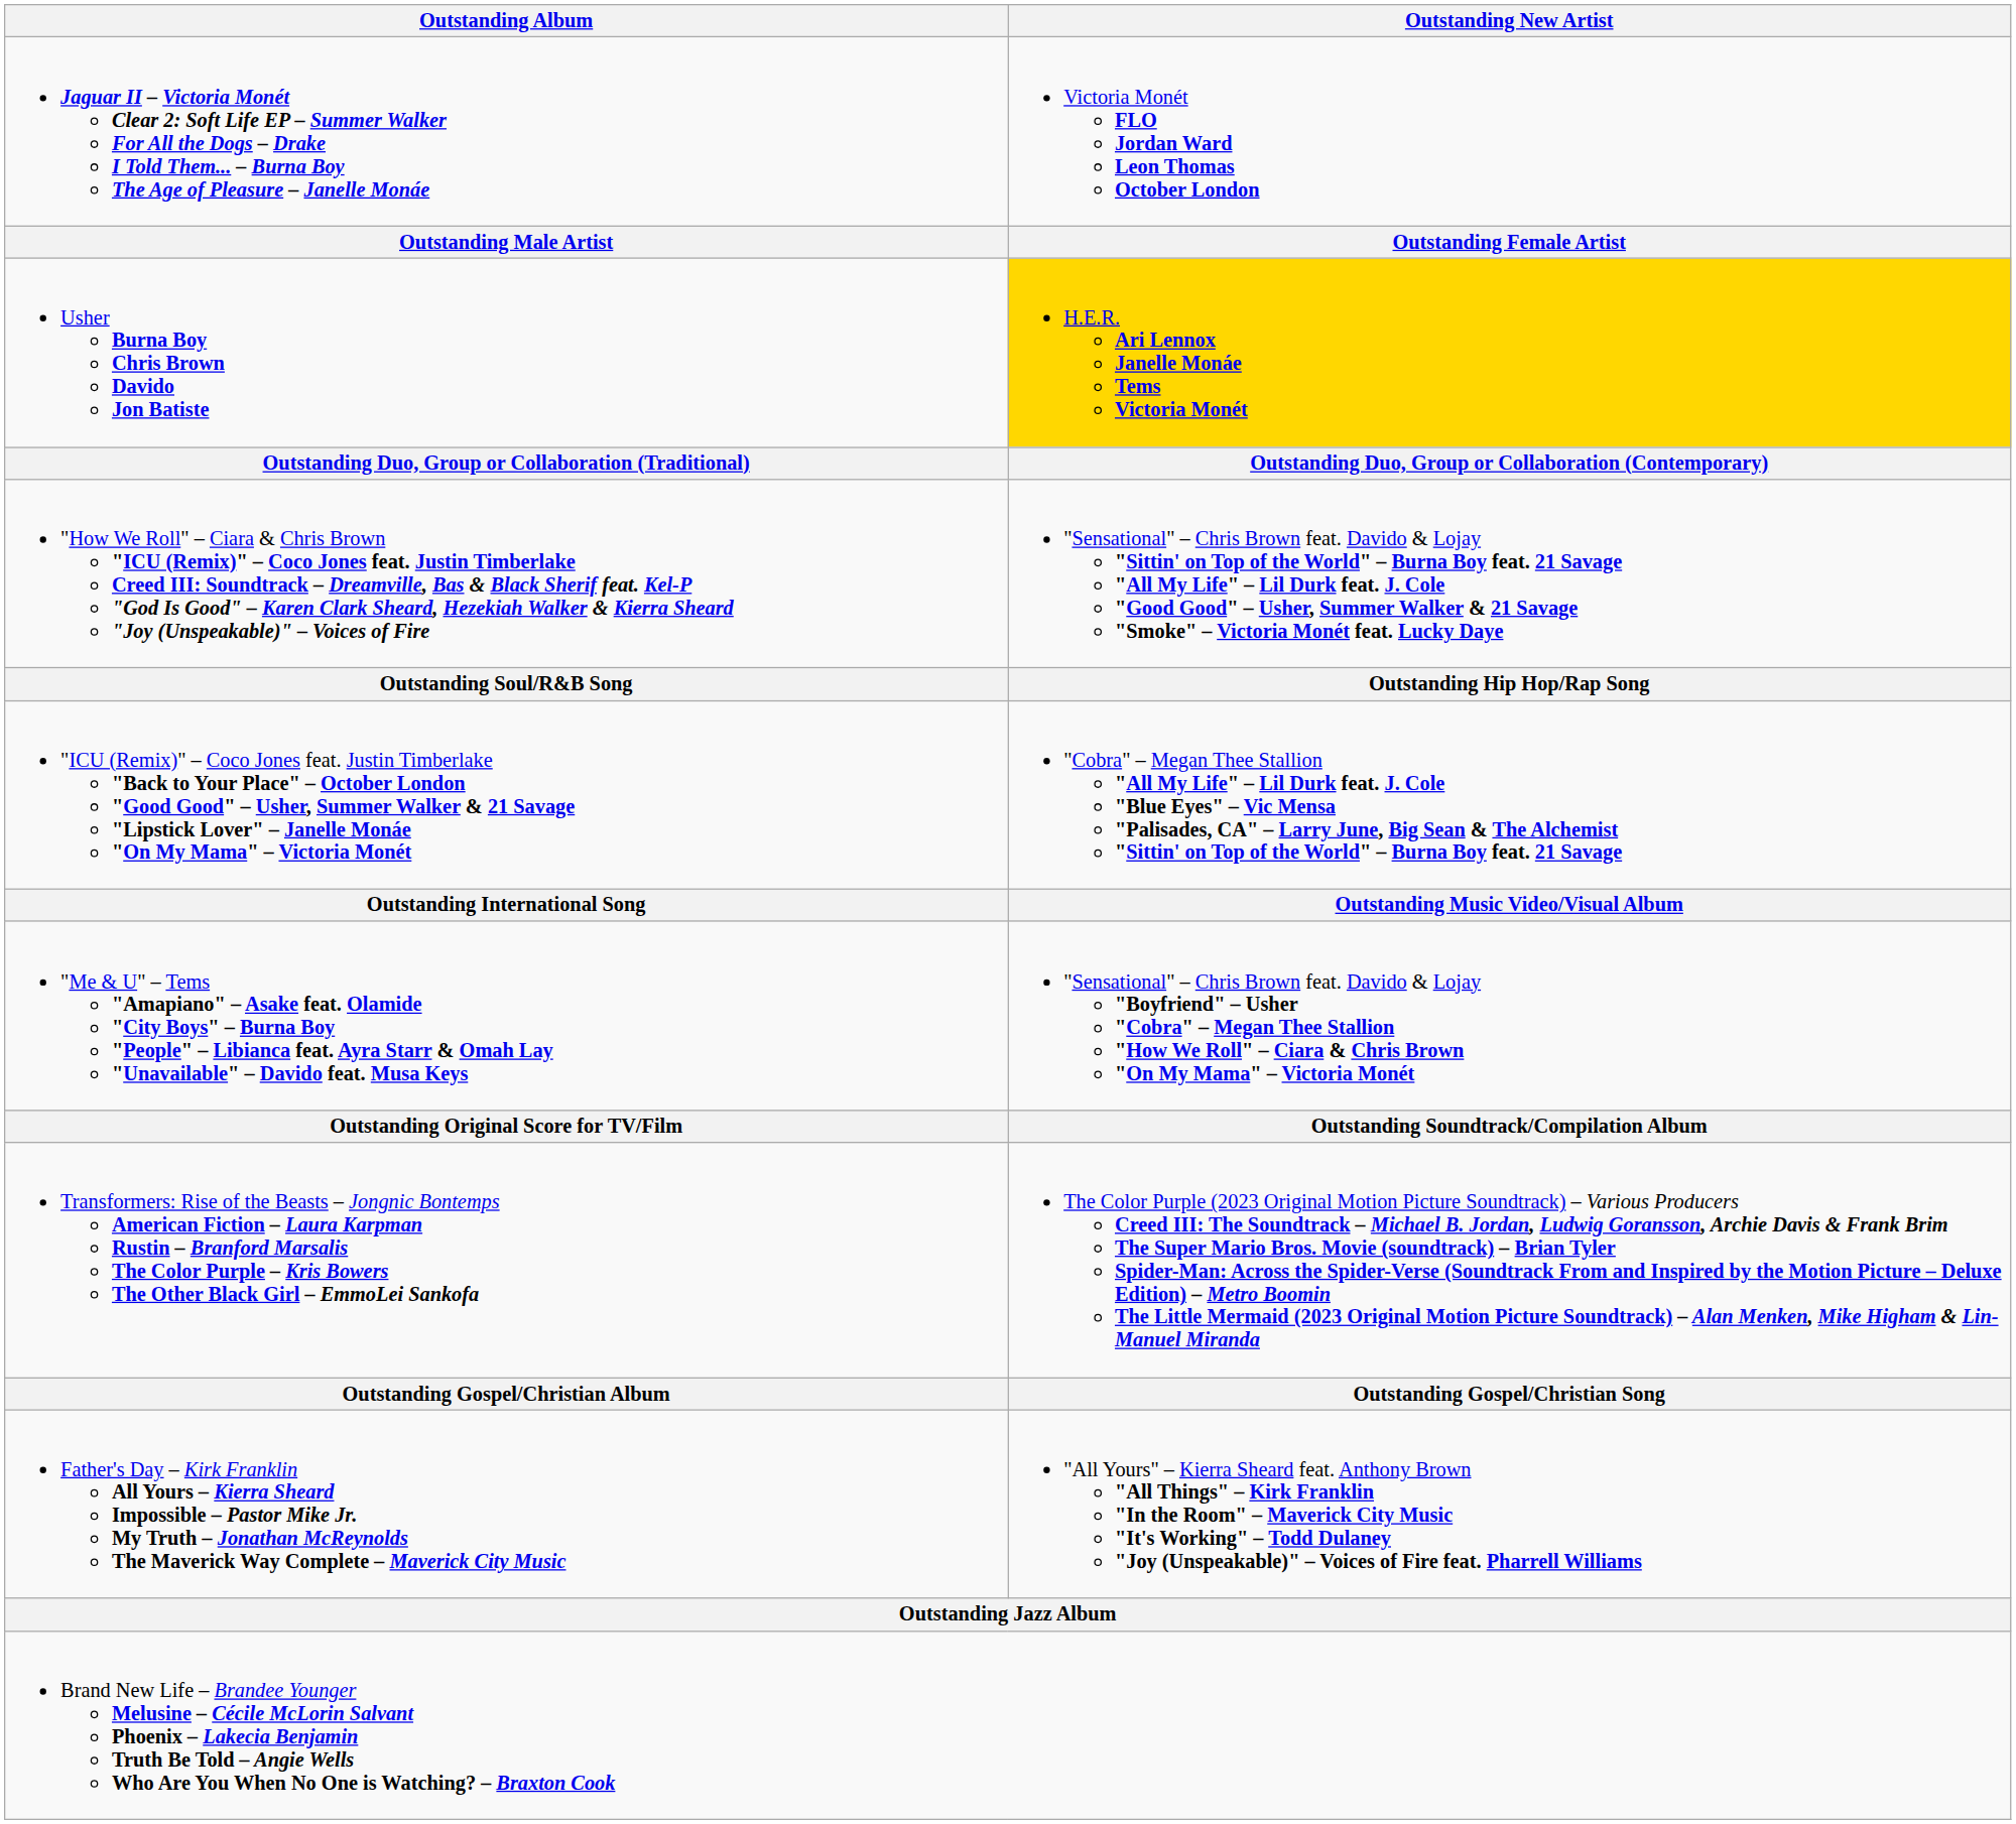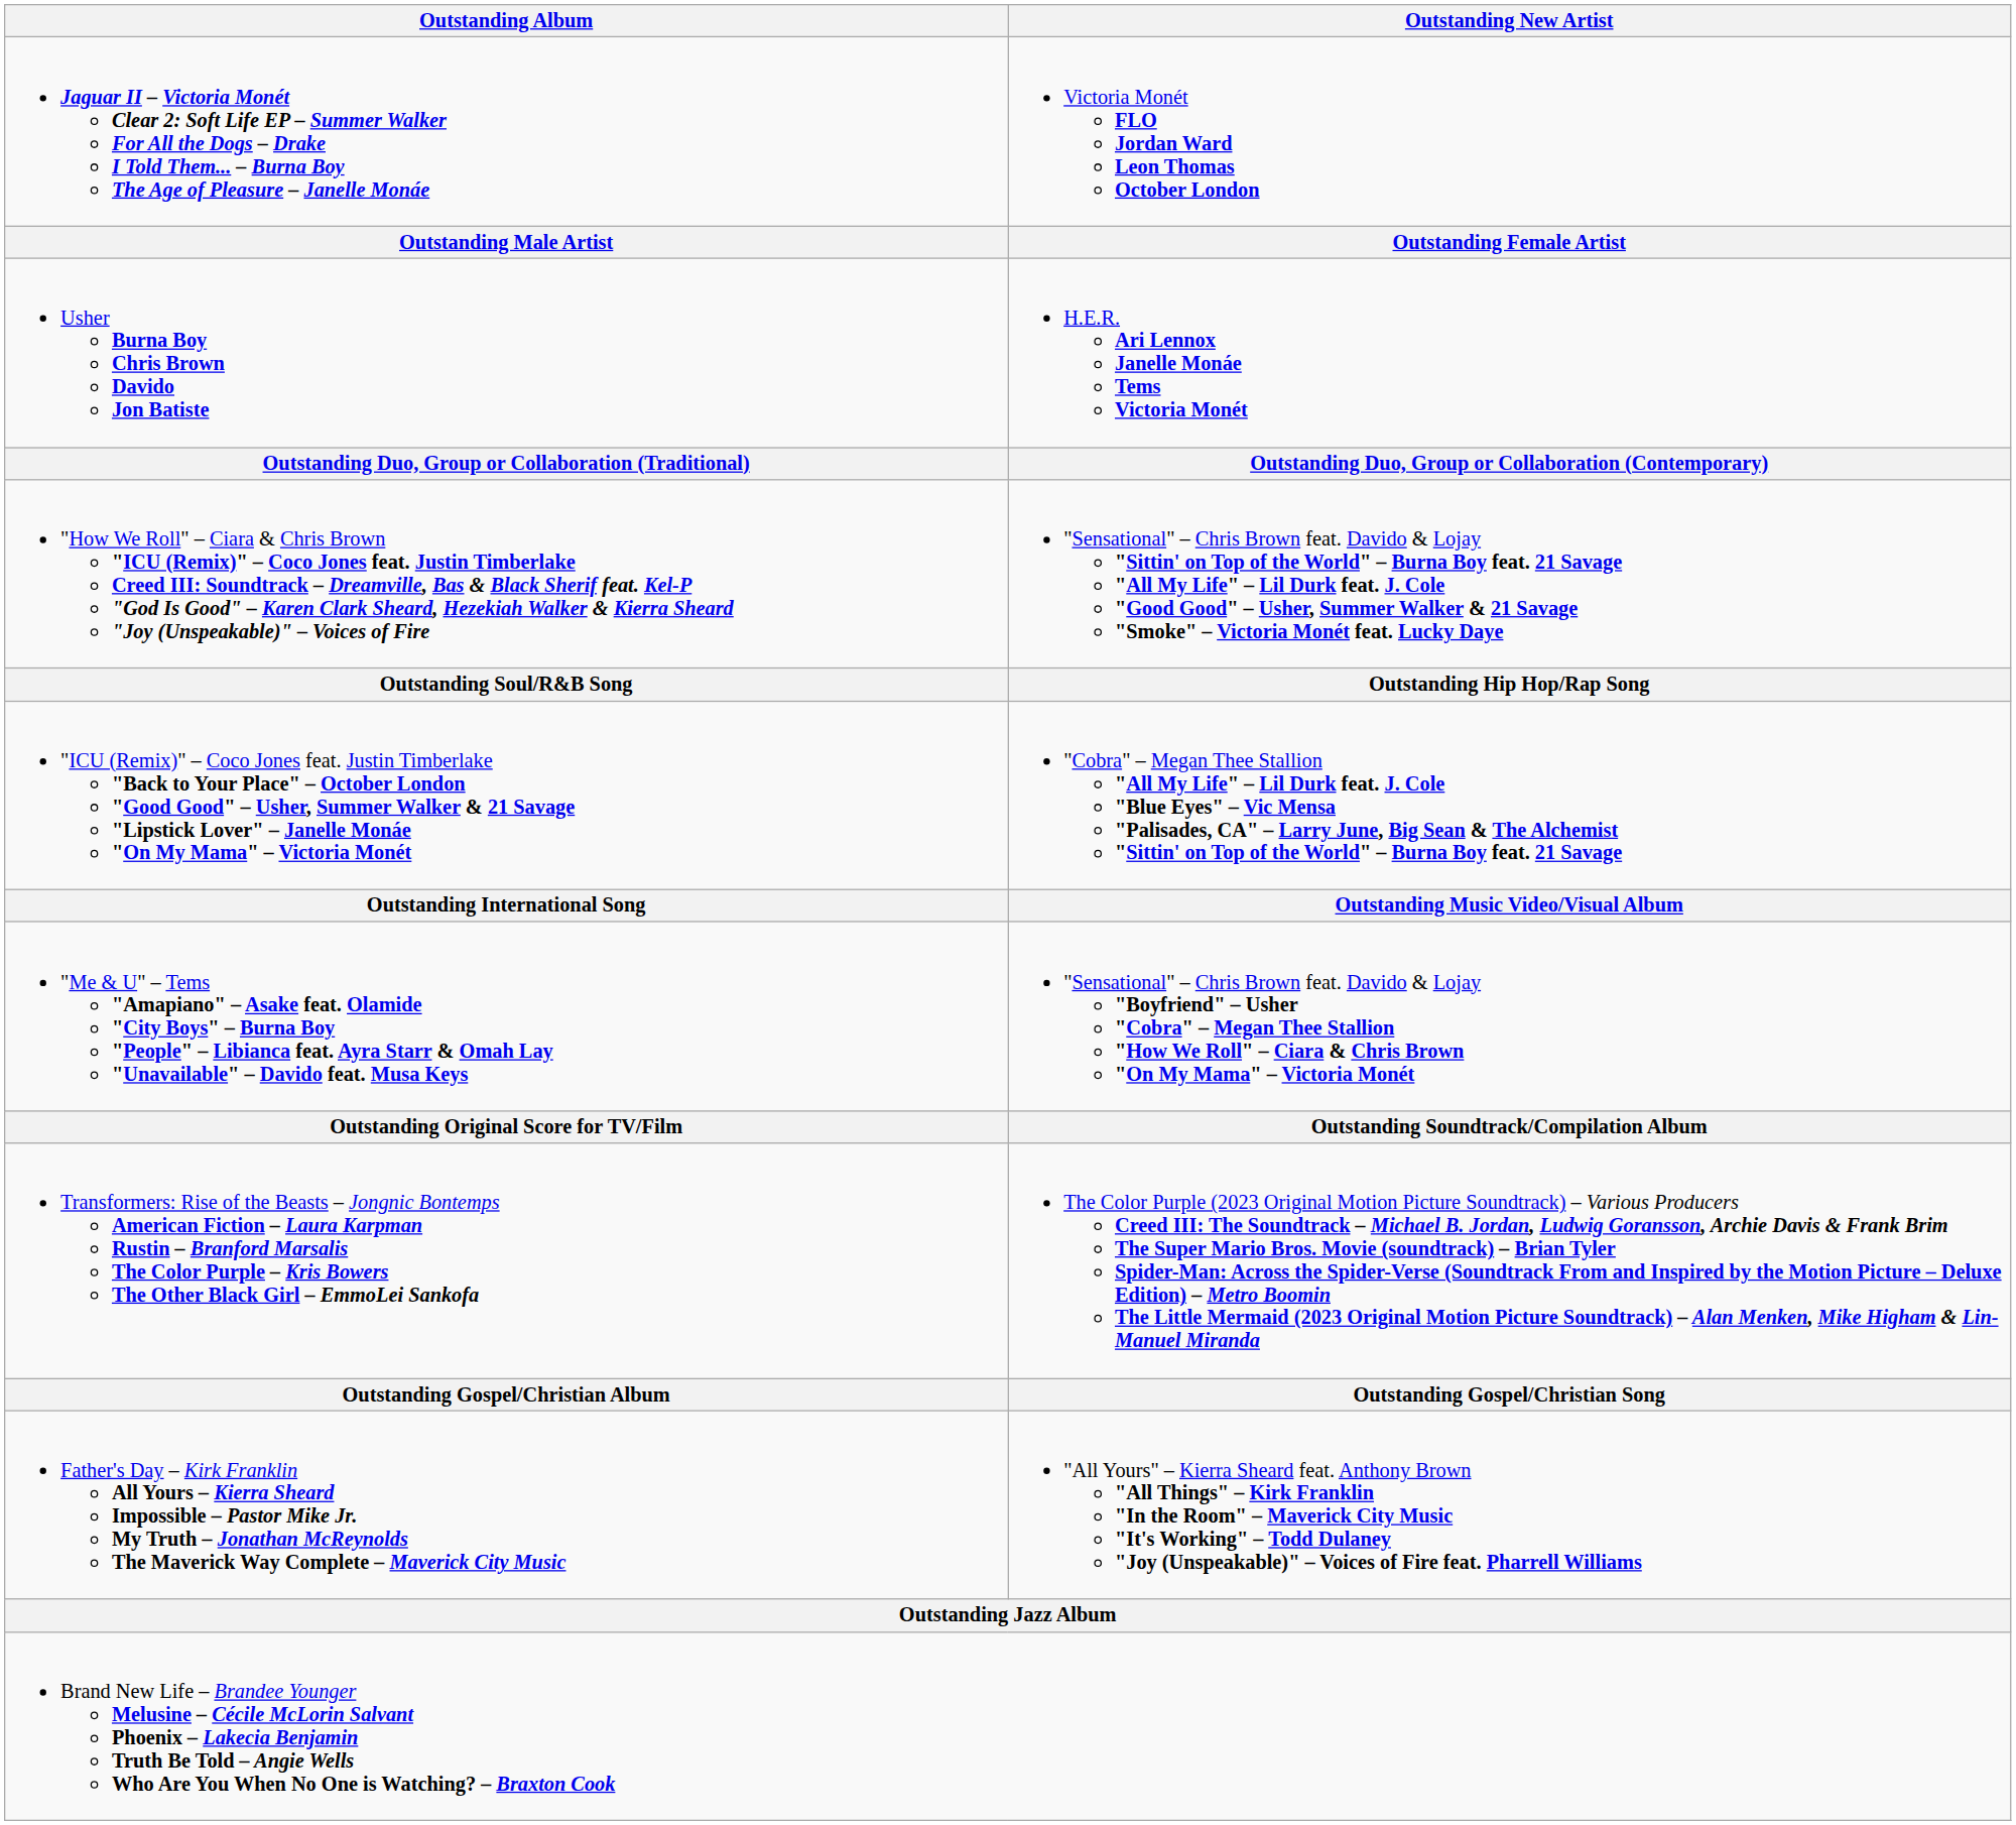 <table class="wikitable">
 <tr>
 <th style="width=50%"><a href='#'>Outstanding Album</a></th>
 <th style="width=50%"><a href='#'>Outstanding New Artist</a></th>
 </tr>
 <tr>
 <td width="50%" valign="top"><br><ul><li><strong><em><a href='#'>Jaguar II</a><em> – <a href='#'>Victoria Monét</a><strong><ul><li></em>Clear 2: Soft Life EP<em> – <a href='#'>Summer Walker</a></li><li></em><a href='#'>For All the Dogs</a><em> – <a href='#'>Drake</a></li><li></em><a href='#'>I Told Them...</a><em> – <a href='#'>Burna Boy</a></li><li></em><a href='#'>The Age of Pleasure</a><em> – <a href='#'>Janelle Monáe</a></li></ul></li></ul></td>
 <td width="50%" valign="top"><br><ul><li></strong><a href='#'>Victoria Monét</a><strong><ul><li><a href='#'>FLO</a></li><li><a href='#'>Jordan Ward</a></li><li><a href='#'>Leon Thomas</a></li><li><a href='#'>October London</a></li></ul></li></ul></td>
 </tr>
 <tr>
 <th style="width=50%"><a href='#'>Outstanding Male Artist</a></th>
 <th style="width=50%"><a href='#'>Outstanding Female Artist</a></th>
 </tr>
 <tr>
 <td width="50%" valign="top"><br><ul><li></strong><a href='#'>Usher</a><strong><ul><li><a href='#'>Burna Boy</a></li><li><a href='#'>Chris Brown</a></li><li><a href='#'>Davido</a></li><li><a href='#'>Jon Batiste</a></li></ul></li></ul></td>
-<td width="50%" valign="top" style="background: gold;"><br><ul><li></strong><a href='#'>H.E.R.</a><strong><ul><li><a href='#'>Ari Lennox</a></li><li><a href='#'>Janelle Monáe</a></li><li><a href='#'>Tems</a></li><li><a href='#'>Victoria Monét</a></li></ul></li></ul></td>
+<td width="50%" valign="top"><br><ul><li></strong><a href='#'>H.E.R.</a><strong><ul><li><a href='#'>Ari Lennox</a></li><li><a href='#'>Janelle Monáe</a></li><li><a href='#'>Tems</a></li><li><a href='#'>Victoria Monét</a></li></ul></li></ul></td>
 </tr>
 <tr>
 <th style="width=50%"><a href='#'>Outstanding Duo, Group or Collaboration (Traditional)</a></th>
 <th style="width=50%"><a href='#'>Outstanding Duo, Group or Collaboration (Contemporary)</a></th>
 </tr>
 <tr>
 <td width="50%" valign="top"><br><ul><li></strong>"<a href='#'>How We Roll</a>" – <a href='#'>Ciara</a> & <a href='#'>Chris Brown</a><strong><ul><li>"<a href='#'>ICU (Remix)</a>" – <a href='#'>Coco Jones</a> feat. <a href='#'>Justin Timberlake</a></li><li><a href='#'></em>Creed III: Soundtrack<em></a> – <a href='#'>Dreamville</a>, <a href='#'>Bas</a> & <a href='#'>Black Sherif</a> feat. <a href='#'>Kel-P</a></li><li>"God Is Good" – <a href='#'>Karen Clark Sheard</a>, <a href='#'>Hezekiah Walker</a> & <a href='#'>Kierra Sheard</a></li><li>"Joy (Unspeakable)" – Voices of Fire</li></ul></li></ul></td>
 <td width="50%" valign="top"><br><ul><li></strong>"<a href='#'>Sensational</a>" – <a href='#'>Chris Brown</a> feat. <a href='#'>Davido</a> & <a href='#'>Lojay</a><strong><ul><li>"<a href='#'>Sittin' on Top of the World</a>" – <a href='#'>Burna Boy</a> feat. <a href='#'>21 Savage</a></li><li>"<a href='#'>All My Life</a>" – <a href='#'>Lil Durk</a> feat. <a href='#'>J. Cole</a></li><li>"<a href='#'>Good Good</a>" – <a href='#'>Usher</a>, <a href='#'>Summer Walker</a> & <a href='#'>21 Savage</a></li><li>"Smoke" – <a href='#'>Victoria Monét</a> feat. <a href='#'>Lucky Daye</a></li></ul></li></ul></td>
 </tr>
 <tr>
 <th style="width=50%">Outstanding Soul/R&B Song</th>
 <th style="width=50%">Outstanding Hip Hop/Rap Song</th>
 </tr>
 <tr>
 <td width="50%" valign="top"><br><ul><li></strong>"<a href='#'>ICU (Remix)</a>" – <a href='#'>Coco Jones</a> feat. <a href='#'>Justin Timberlake</a><strong><ul><li>"Back to Your Place" – <a href='#'>October London</a></li><li>"<a href='#'>Good Good</a>" – <a href='#'>Usher</a>, <a href='#'>Summer Walker</a> & <a href='#'>21 Savage</a></li><li>"Lipstick Lover" – <a href='#'>Janelle Monáe</a></li><li>"<a href='#'>On My Mama</a>" – <a href='#'>Victoria Monét</a></li></ul></li></ul></td>
 <td width="50%" valign="top"><br><ul><li>"</strong><a href='#'>Cobra</a>" – <a href='#'>Megan Thee Stallion</a><strong><ul><li>"<a href='#'>All My Life</a>" – <a href='#'>Lil Durk</a> feat. <a href='#'>J. Cole</a></li><li>"Blue Eyes" – <a href='#'>Vic Mensa</a></li><li>"Palisades, CA" – <a href='#'>Larry June</a>, <a href='#'>Big Sean</a> & <a href='#'>The Alchemist</a></li><li>"<a href='#'>Sittin' on Top of the World</a>" – <a href='#'>Burna Boy</a> feat. <a href='#'>21 Savage</a></li></ul></li></ul></td>
 </tr>
 <tr>
 <th style="width=50%">Outstanding International Song</th>
 <th style="width=50%"><a href='#'>Outstanding Music Video/Visual Album</a></th>
 </tr>
 <tr>
 <td width="50%" valign="top"><br><ul><li>"</strong><a href='#'>Me & U</a>" – <a href='#'>Tems</a><strong><ul><li>"Amapiano" – <a href='#'>Asake</a> feat. <a href='#'>Olamide</a></li><li>"<a href='#'>City Boys</a>" – <a href='#'>Burna Boy</a></li><li>"<a href='#'>People</a>" – <a href='#'>Libianca</a> feat. <a href='#'>Ayra Starr</a> & <a href='#'>Omah Lay</a></li><li>"<a href='#'>Unavailable</a>" – <a href='#'>Davido</a> feat. <a href='#'>Musa Keys</a></li></ul></li></ul></td>
 <td width="50%" valign="top"><br><ul><li></strong>"<a href='#'>Sensational</a>" – <a href='#'>Chris Brown</a> feat. <a href='#'>Davido</a> & <a href='#'>Lojay</a><strong><ul><li>"Boyfriend" – Usher</li><li>"<a href='#'>Cobra</a>" – <a href='#'>Megan Thee Stallion</a></li><li>"<a href='#'>How We Roll</a>" – <a href='#'>Ciara</a> & <a href='#'>Chris Brown</a></li><li>"<a href='#'>On My Mama</a>" – <a href='#'>Victoria Monét</a></li></ul></li></ul></td>
 </tr>
 <tr>
 <th style="width=50%">Outstanding Original Score for TV/Film</th>
 <th style="width=50%">Outstanding Soundtrack/Compilation Album</th>
 </tr>
 <tr>
 <td width="50%" valign="top"><br><ul><li></strong><a href='#'></em>Transformers: Rise of the Beasts<em></a></em> –<em> <a href='#'>Jongnic Bontemps</a><strong><ul><li><a href='#'></em>American Fiction<em></a> – <a href='#'>Laura Karpman</a></li><li><a href='#'></em>Rustin<em></a> – <a href='#'>Branford Marsalis</a></li><li><a href='#'></em>The Color Purple<em></a> – <a href='#'>Kris Bowers</a></li><li></em><a href='#'>The Other Black Girl</a><em> – EmmoLei Sankofa</li></ul></li></ul></td>
 <td width="50%" valign="top"><br><ul><li></strong><a href='#'></em>The Color Purple (2023 Original Motion Picture Soundtrack)<em></a></em> –<em> Various Producers<strong><ul><li></em><a href='#'>Creed III: The Soundtrack</a><em> – <a href='#'>Michael B. Jordan</a>, <a href='#'>Ludwig Goransson</a>, Archie Davis & Frank Brim</li><li></em><a href='#'>The Super Mario Bros. Movie (soundtrack)</a><em> – </em><a href='#'>Brian Tyler</a><em></li><li></em><a href='#'>Spider-Man: Across the Spider-Verse (Soundtrack From and Inspired by the Motion Picture – Deluxe Edition)</a><em> – <a href='#'>Metro Boomin</a></li><li></em><a href='#'>The Little Mermaid (2023 Original Motion Picture Soundtrack)</a><em> – <a href='#'>Alan Menken</a>, <a href='#'>Mike Higham</a> & <a href='#'>Lin-Manuel Miranda</a></li></ul></li></ul></td>
 </tr>
 <tr>
 <th style="width=50%">Outstanding Gospel/Christian Album</th>
 <th style="width=50%">Outstanding Gospel/Christian Song</th>
 </tr>
 <tr>
 <td width="50%" valign="top"><br><ul><li></strong><a href='#'></em>Father's Day<em></a></em> –<em> <a href='#'>Kirk Franklin</a><strong><ul><li></em>All Yours<em> – <a href='#'>Kierra Sheard</a></li><li></em>Impossible<em> – Pastor Mike Jr.</li><li></em>My Truth<em> – <a href='#'>Jonathan McReynolds</a></li><li></em>The Maverick Way Complete<em> – <a href='#'>Maverick City Music</a></li></ul></li></ul></td>
 <td width="50%" valign="top"><br><ul><li>"</strong>All Yours" – <a href='#'>Kierra Sheard</a> feat. <a href='#'>Anthony Brown</a><strong><ul><li>"All Things" – <a href='#'>Kirk Franklin</a></li><li>"In the Room" – <a href='#'>Maverick City Music</a></li><li>"It's Working" – <a href='#'>Todd Dulaney</a></li><li>"Joy (Unspeakable)" – Voices of Fire feat. <a href='#'>Pharrell Williams</a></li></ul></li></ul></td>
 </tr>
 <tr>
 <th colspan="2" style="width=50%">Outstanding Jazz Album</th>
 </tr>
 <tr>
 <td colspan="2" width="50%" valign="top"><br><ul><li></em></strong>Brand New Life –<strong><em> </strong><a href='#'>Brandee Younger</a><strong><ul><li><a href='#'></em>Melusine<em></a> – <a href='#'>Cécile McLorin Salvant</a></li><li></em>Phoenix<em> – <a href='#'>Lakecia Benjamin</a></li><li></em>Truth Be Told<em> – Angie Wells</li><li></em>Who Are You When No One is Watching?<em> – <a href='#'>Braxton Cook</a></li></ul></li></ul></td>
 </tr>
 <tr>
 </tr>
 </table>
